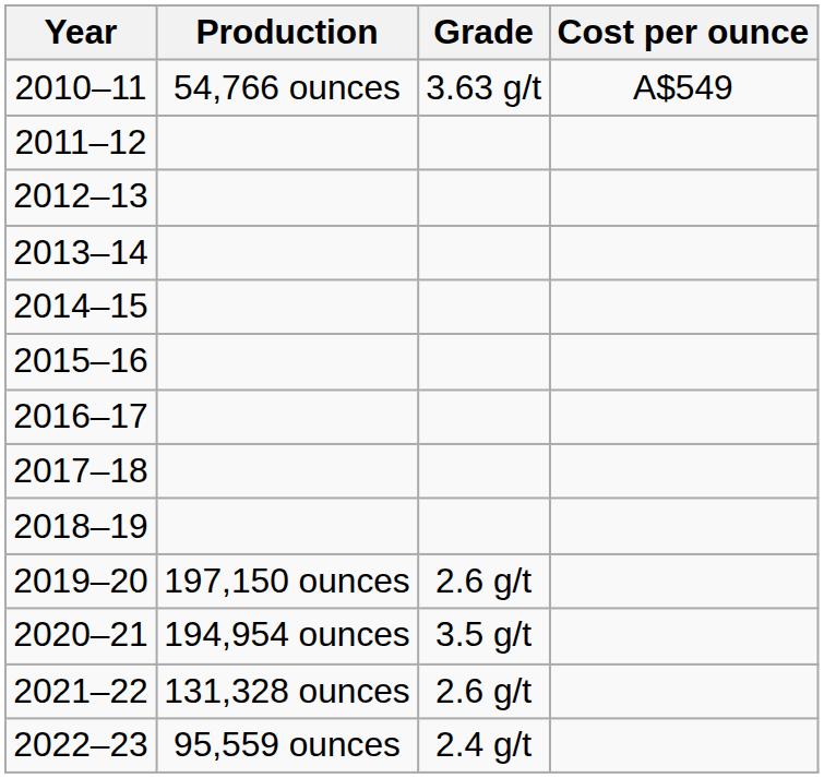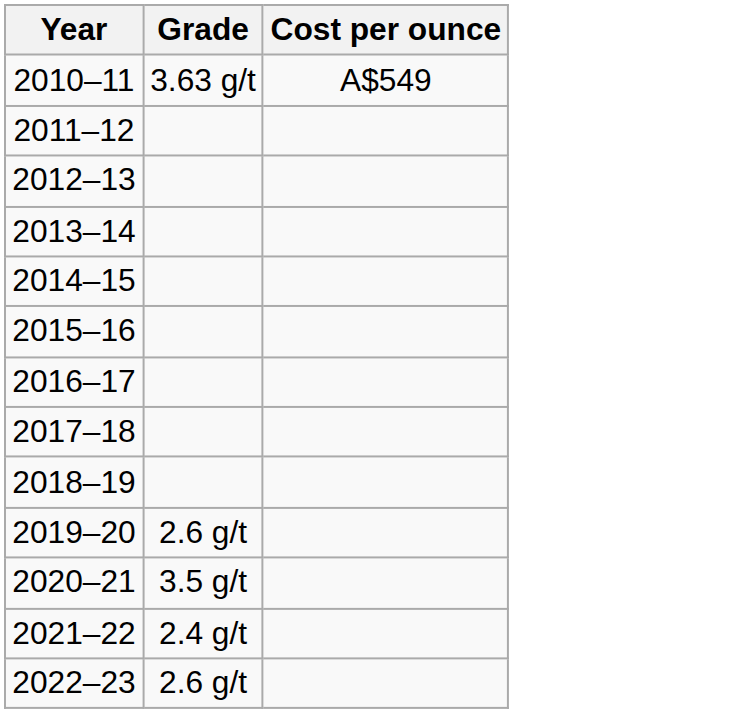 <table class="wikitable">
 <tr style="text-align:center;">
 <th>Year</th>
-<th>Production</th>
 <th>Grade</th>
 <th>Cost per ounce</th>
 </tr>
 <tr style="text-align:center;">
 <td>2010–11</td>
-<td>54,766 ounces</td>
 <td>3.63 g/t</td>
 <td>A$549</td>
 </tr>
 <tr style="text-align:center;">
 <td>2011–12</td>
 <td></td>
 <td></td>
-<td></td>
 </tr>
 <tr style="text-align:center;">
 <td>2012–13</td>
-<td></td>
 <td></td>
 <td></td>
 </tr>
 <tr style="text-align:center;">
 <td>2013–14</td>
 <td></td>
 <td></td>
-<td></td>
 </tr>
 <tr style="text-align:center;">
 <td>2014–15</td>
-<td></td>
 <td></td>
 <td></td>
 </tr>
 <tr style="text-align:center;">
 <td>2015–16</td>
 <td></td>
 <td></td>
-<td></td>
 </tr>
 <tr style="text-align:center;">
 <td>2016–17</td>
-<td></td>
 <td></td>
 <td></td>
 </tr>
 <tr style="text-align:center;">
 <td>2017–18</td>
 <td></td>
 <td></td>
-<td></td>
 </tr>
 <tr style="text-align:center;">
 <td>2018–19</td>
 <td></td>
 <td></td>
-<td></td>
 </tr>
 <tr style="text-align:center;">
 <td>2019–20</td>
-<td>197,150 ounces</td>
 <td>2.6 g/t</td>
 <td></td>
 </tr>
 <tr style="text-align:center;">
 <td>2020–21</td>
-<td>194,954 ounces</td>
 <td>3.5 g/t</td>
 <td></td>
 </tr>
 <tr style="text-align:center;">
 <td>2021–22</td>
-<td>131,328 ounces</td>
-<td>2.6 g/t</td>
+<td>2.4 g/t</td>
 <td></td>
 </tr>
 <tr style="text-align:center;">
 <td>2022–23</td>
-<td>95,559 ounces</td>
-<td>2.4 g/t</td>
+<td>2.6 g/t</td>
 <td></td>
 </tr>
 </table>
